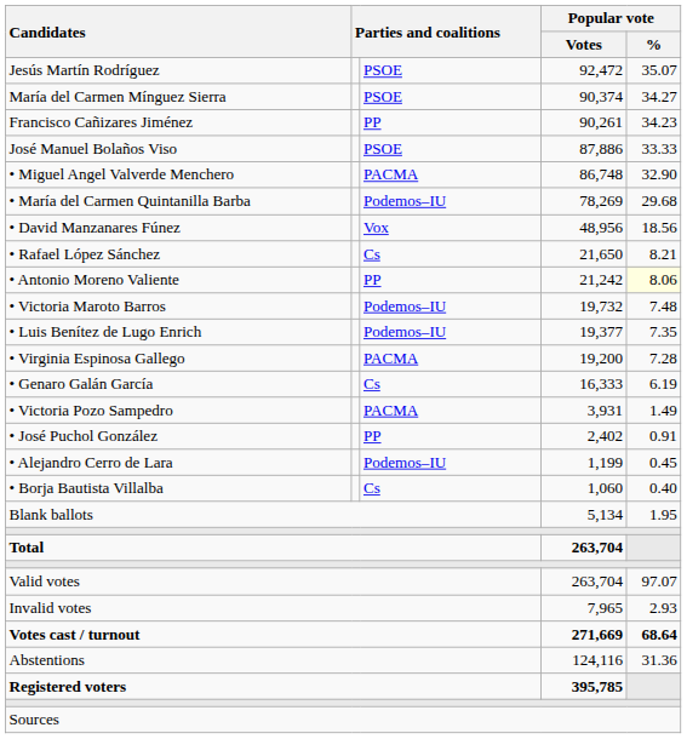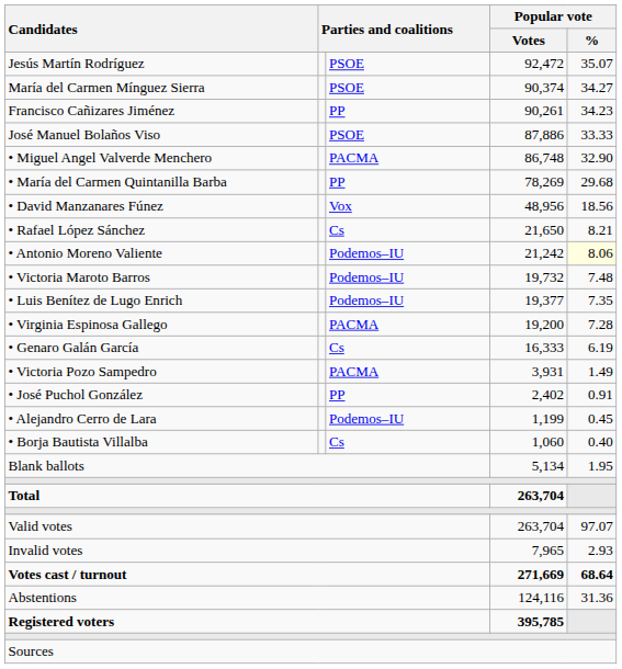 <table class="wikitable" style="text-align:right; font-size:95%;">
 <tr>
 <th style="text-align:left;" rowspan="2" width="325">Candidates</th>
 <th style="text-align:left;" rowspan="2" colspan="2" width="175">Parties and coalitions</th>
 <th colspan="2">Popular vote</th>
 </tr>
 <tr>
 <th width="75">Votes</th>
 <th width="45">%</th>
 </tr>
 <tr>
 <td align="left"> Jesús Martín Rodríguez</td>
 <td width="1" style="color:inherit;background:"></td>
 <td align="left"><a href='#'>PSOE</a></td>
 <td>92,472</td>
 <td>35.07</td>
 </tr>
 <tr>
 <td align="left"> María del Carmen Mínguez Sierra</td>
 <td style="color:inherit;background:"></td>
 <td align="left"><a href='#'>PSOE</a></td>
 <td>90,374</td>
 <td>34.27</td>
 </tr>
 <tr>
 <td align="left"> Francisco Cañizares Jiménez</td>
 <td style="color:inherit;background:"></td>
 <td align="left"><a href='#'>PP</a></td>
 <td>90,261</td>
 <td>34.23</td>
 </tr>
 <tr>
 <td align="left"> José Manuel Bolaños Viso</td>
 <td style="color:inherit;background:"></td>
 <td align="left"><a href='#'>PSOE</a></td>
 <td>87,886</td>
 <td>33.33</td>
 </tr>
 <tr>
 <td align="left">• Miguel Angel Valverde Menchero</td>
 <td style="color:inherit;background:"></td>
 <td align="left"><a href='#'>PACMA</a></td>
 <td>86,748</td>
 <td>32.90</td>
 </tr>
 <tr>
 <td align="left">• María del Carmen Quintanilla Barba</td>
 <td style="color:inherit;background:"></td>
-<td align="left"><a href='#'>Podemos–IU</a></td>
+<td align="left"><a href='#'>PP</a></td>
 <td>78,269</td>
 <td>29.68</td>
 </tr>
 <tr>
 <td align="left">• David Manzanares Fúnez</td>
 <td style="color:inherit;background:"></td>
 <td align="left"><a href='#'>Vox</a></td>
 <td>48,956</td>
 <td>18.56</td>
 </tr>
 <tr>
 <td align="left">• Rafael López Sánchez</td>
 <td style="color:inherit;background:"></td>
 <td align="left"><a href='#'>Cs</a></td>
 <td>21,650</td>
 <td>8.21</td>
 </tr>
 <tr>
 <td align="left">• Antonio Moreno Valiente</td>
 <td style="color:inherit;background:"></td>
-<td align="left"><a href='#'>PP</a></td>
+<td align="left"><a href='#'>Podemos–IU</a></td>
 <td>21,242</td>
 <td style="background: lightyellow;">8.06</td>
 </tr>
 <tr>
 <td align="left">• Victoria Maroto Barros</td>
 <td style="color:inherit;background:"></td>
 <td align="left"><a href='#'>Podemos–IU</a></td>
 <td>19,732</td>
 <td>7.48</td>
 </tr>
 <tr>
 <td align="left">• Luis Benítez de Lugo Enrich</td>
 <td style="color:inherit;background:"></td>
 <td align="left"><a href='#'>Podemos–IU</a></td>
 <td>19,377</td>
 <td>7.35</td>
 </tr>
 <tr>
 <td align="left">• Virginia Espinosa Gallego</td>
 <td style="color:inherit;background:"></td>
 <td align="left"><a href='#'>PACMA</a></td>
 <td>19,200</td>
 <td>7.28</td>
 </tr>
 <tr>
 <td align="left">• Genaro Galán García</td>
 <td style="color:inherit;background:"></td>
 <td align="left"><a href='#'>Cs</a></td>
 <td>16,333</td>
 <td>6.19</td>
 </tr>
 <tr>
 <td align="left">• Victoria Pozo Sampedro</td>
 <td style="color:inherit;background:"></td>
 <td align="left"><a href='#'>PACMA</a></td>
 <td>3,931</td>
 <td>1.49</td>
 </tr>
 <tr>
 <td align="left">• José Puchol González</td>
 <td style="color:inherit;background:"></td>
 <td align="left"><a href='#'>PP</a></td>
 <td>2,402</td>
 <td>0.91</td>
 </tr>
 <tr>
 <td align="left">• Alejandro Cerro de Lara</td>
 <td style="color:inherit;background:"></td>
 <td align="left"><a href='#'>Podemos–IU</a></td>
 <td>1,199</td>
 <td>0.45</td>
 </tr>
 <tr>
 <td align="left">• Borja Bautista Villalba</td>
 <td style="color:inherit;background:"></td>
 <td align="left"><a href='#'>Cs</a></td>
 <td>1,060</td>
 <td>0.40</td>
 </tr>
 <tr>
 <td align="left" colspan="3">Blank ballots</td>
 <td>5,134</td>
 <td>1.95</td>
 </tr>
 <tr>
 <td colspan="5" bgcolor="#E9E9E9"></td>
 </tr>
 <tr style="font-weight:bold;">
 <td align="left" colspan="3">Total</td>
 <td>263,704</td>
 <td bgcolor="#E9E9E9"></td>
 </tr>
 <tr>
 <td colspan="5" bgcolor="#E9E9E9"></td>
 </tr>
 <tr>
 <td align="left" colspan="3">Valid votes</td>
 <td>263,704</td>
 <td>97.07</td>
 </tr>
 <tr>
 <td align="left" colspan="3">Invalid votes</td>
 <td>7,965</td>
 <td>2.93</td>
 </tr>
 <tr style="font-weight:bold;">
 <td align="left" colspan="3">Votes cast / turnout</td>
 <td>271,669</td>
 <td>68.64</td>
 </tr>
 <tr>
 <td align="left" colspan="3">Abstentions</td>
 <td>124,116</td>
 <td>31.36</td>
 </tr>
 <tr style="font-weight:bold;">
 <td align="left" colspan="3">Registered voters</td>
 <td>395,785</td>
 <td bgcolor="#E9E9E9"></td>
 </tr>
 <tr>
 <td colspan="5" bgcolor="#E9E9E9"></td>
 </tr>
 <tr>
 <td align="left" colspan="5">Sources</td>
 </tr>
 </table>
